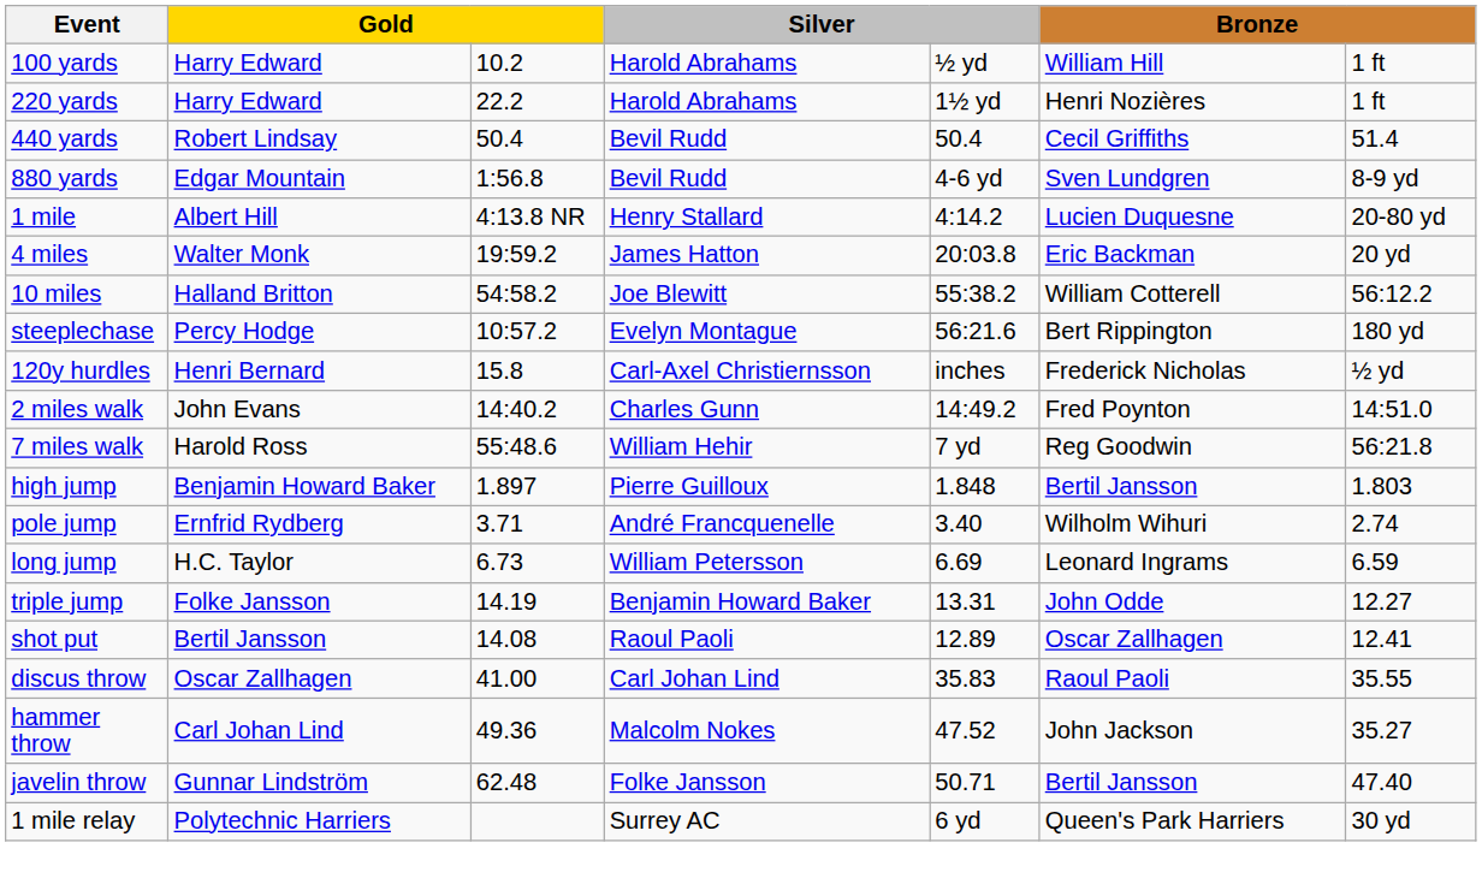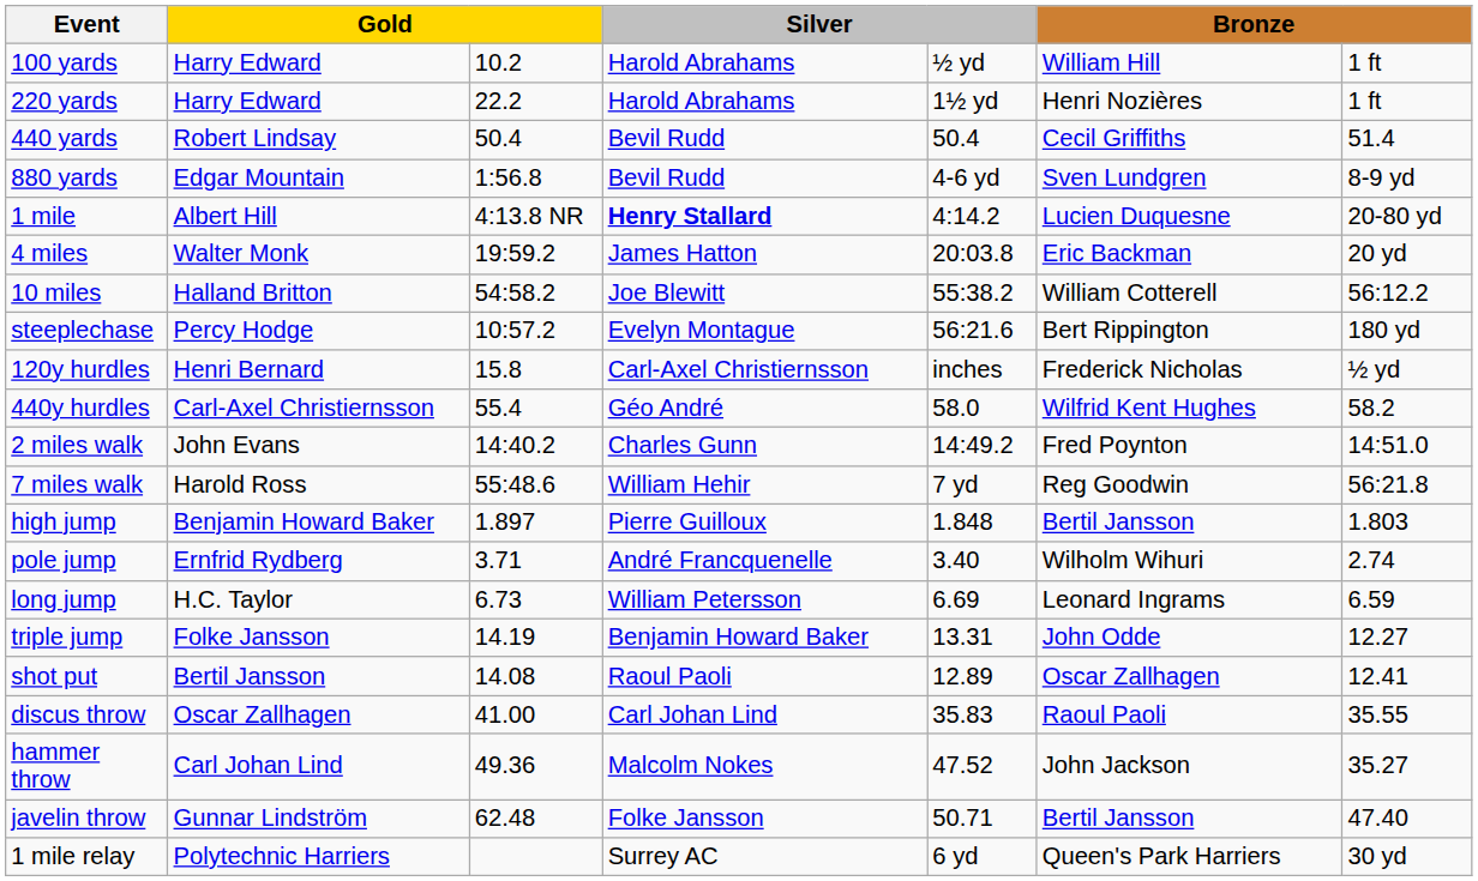 <table class="wikitable" style="text-align:left">
 <tr>
 <th width=100>Event</th>
 <th colspan="2" width="280" style="background:gold;">Gold</th>
 <th colspan="2" width="280" style="background:silver;">Silver</th>
 <th colspan="2" width="280" style="background:#CD7F32;">Bronze</th>
 </tr>
 <tr>
 <td><a href='#'>100 yards</a></td>
 <td><a href='#'>Harry Edward</a></td>
 <td>10.2</td>
 <td><a href='#'>Harold Abrahams</a></td>
 <td>½ yd</td>
 <td><a href='#'>William Hill</a></td>
 <td>1 ft</td>
 </tr>
 <tr>
 <td><a href='#'>220 yards</a></td>
 <td><a href='#'>Harry Edward</a></td>
 <td>22.2</td>
 <td><a href='#'>Harold Abrahams</a></td>
 <td>1½ yd</td>
 <td> Henri Nozières</td>
 <td>1 ft</td>
 </tr>
 <tr>
 <td><a href='#'>440 yards</a></td>
 <td><a href='#'>Robert Lindsay</a></td>
 <td>50.4</td>
 <td> <a href='#'>Bevil Rudd</a></td>
 <td>50.4</td>
 <td> <a href='#'>Cecil Griffiths</a></td>
 <td>51.4</td>
 </tr>
 <tr>
 <td><a href='#'>880 yards</a></td>
 <td><a href='#'>Edgar Mountain</a></td>
 <td>1:56.8</td>
 <td> <a href='#'>Bevil Rudd</a></td>
 <td>4-6 yd</td>
 <td> <a href='#'>Sven Lundgren</a></td>
 <td>8-9 yd</td>
 </tr>
 <tr>
 <td><a href='#'>1 mile</a></td>
 <td><a href='#'>Albert Hill</a></td>
 <td>4:13.8 NR</td>
-<td><a href='#'>Henry Stallard</a></td>
+<td><strong><a href='#'>Henry Stallard</a></strong></td>
 <td>4:14.2</td>
 <td> <a href='#'>Lucien Duquesne</a></td>
 <td>20-80 yd</td>
 </tr>
 <tr>
 <td><a href='#'>4 miles</a></td>
 <td><a href='#'>Walter Monk</a></td>
 <td>19:59.2</td>
 <td><a href='#'>James Hatton</a></td>
 <td>20:03.8</td>
 <td> <a href='#'>Eric Backman</a></td>
 <td>20 yd</td>
 </tr>
 <tr>
 <td><a href='#'>10 miles</a></td>
 <td><a href='#'>Halland Britton</a></td>
 <td>54:58.2</td>
 <td><a href='#'>Joe Blewitt</a></td>
 <td>55:38.2</td>
 <td>William Cotterell</td>
 <td>56:12.2</td>
 </tr>
 <tr>
 <td><a href='#'>steeplechase</a></td>
 <td><a href='#'>Percy Hodge</a></td>
 <td>10:57.2</td>
 <td><a href='#'>Evelyn Montague</a></td>
 <td>56:21.6</td>
 <td>Bert Rippington</td>
 <td>180 yd</td>
 </tr>
 <tr>
 <td><a href='#'>120y hurdles</a></td>
 <td> <a href='#'>Henri Bernard</a></td>
 <td>15.8</td>
 <td> <a href='#'>Carl-Axel Christiernsson</a></td>
 <td>inches</td>
 <td>Frederick Nicholas</td>
 <td>½ yd</td>
+</tr>
+<tr>
+<td><a href='#'>440y hurdles</a></td>
+<td> <a href='#'>Carl-Axel Christiernsson</a></td>
+<td>55.4</td>
+<td> <a href='#'>Géo André</a></td>
+<td>58.0</td>
+<td> <a href='#'>Wilfrid Kent Hughes</a></td>
+<td>58.2</td>
 </tr>
 <tr>
 <td><a href='#'>2 miles walk</a></td>
 <td>John Evans</td>
 <td>14:40.2</td>
 <td><a href='#'>Charles Gunn</a></td>
 <td>14:49.2</td>
 <td>Fred Poynton</td>
 <td>14:51.0</td>
 </tr>
 <tr>
 <td><a href='#'>7 miles walk</a></td>
 <td>Harold Ross</td>
 <td>55:48.6</td>
 <td><a href='#'>William Hehir</a></td>
 <td>7 yd</td>
 <td>Reg Goodwin</td>
 <td>56:21.8</td>
 </tr>
 <tr>
 <td><a href='#'>high jump</a></td>
 <td><a href='#'>Benjamin Howard Baker</a></td>
 <td>1.897</td>
 <td> <a href='#'>Pierre Guilloux</a></td>
 <td>1.848</td>
 <td> <a href='#'>Bertil Jansson</a></td>
 <td>1.803</td>
 </tr>
 <tr>
 <td><a href='#'>pole jump</a></td>
 <td> <a href='#'>Ernfrid Rydberg</a></td>
 <td>3.71</td>
 <td> <a href='#'>André Francquenelle</a></td>
 <td>3.40</td>
 <td>Wilholm Wihuri</td>
 <td>2.74</td>
 </tr>
 <tr>
 <td><a href='#'>long jump</a></td>
 <td> H.C. Taylor</td>
 <td>6.73</td>
 <td> <a href='#'>William Petersson</a></td>
 <td>6.69</td>
 <td>Leonard Ingrams</td>
 <td>6.59</td>
 </tr>
 <tr>
 <td><a href='#'>triple jump</a></td>
 <td> <a href='#'>Folke Jansson</a></td>
 <td>14.19</td>
 <td><a href='#'>Benjamin Howard Baker</a></td>
 <td>13.31</td>
 <td><a href='#'>John Odde</a></td>
 <td>12.27</td>
 </tr>
 <tr>
 <td><a href='#'>shot put</a></td>
 <td> <a href='#'>Bertil Jansson</a></td>
 <td>14.08</td>
 <td> <a href='#'>Raoul Paoli</a></td>
 <td>12.89</td>
 <td> <a href='#'>Oscar Zallhagen</a></td>
 <td>12.41</td>
 </tr>
 <tr>
 <td><a href='#'>discus throw</a></td>
 <td> <a href='#'>Oscar Zallhagen</a></td>
 <td>41.00</td>
 <td> <a href='#'>Carl Johan Lind</a></td>
 <td>35.83</td>
 <td> <a href='#'>Raoul Paoli</a></td>
 <td>35.55</td>
 </tr>
 <tr>
 <td><a href='#'>hammer throw</a></td>
 <td> <a href='#'>Carl Johan Lind</a></td>
 <td>49.36</td>
 <td><a href='#'>Malcolm Nokes</a></td>
 <td>47.52</td>
 <td> John Jackson</td>
 <td>35.27</td>
 </tr>
 <tr>
 <td><a href='#'>javelin throw</a></td>
 <td> <a href='#'>Gunnar Lindström</a></td>
 <td>62.48</td>
 <td> <a href='#'>Folke Jansson</a></td>
 <td>50.71</td>
 <td> <a href='#'>Bertil Jansson</a></td>
 <td>47.40</td>
 </tr>
 <tr>
 <td>1 mile relay</td>
 <td><a href='#'>Polytechnic Harriers</a></td>
 <td></td>
 <td>Surrey AC</td>
 <td>6 yd</td>
 <td>Queen's Park Harriers</td>
 <td>30 yd</td>
 </tr>
 </table>
